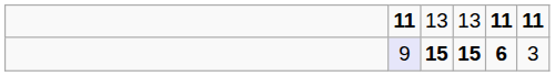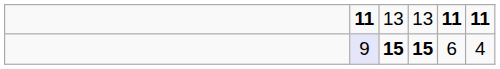 <table class="wikitable">
 <tr>
 <td style="width:18em"><strong></strong></td>
 <td align=center style="width:1em"><strong>11</strong></td>
 <td align=center style="width:1em">13</td>
 <td align=center style="width:1em">13</td>
 <td align=center style="width:1em"><strong>11</strong></td>
 <td align=center style="width:1em"><strong>11</strong></td>
 </tr>
 <tr>
 <td style="width:18em"></td>
 <td align=center style="background: lavender; width:1em">9</td>
 <td align=center style="width:1em"><strong>15</strong></td>
 <td align=center style="width:1em"><strong>15</strong></td>
-<td align=center style="width:1em"><strong>6</strong></td>
-<td align=center style="width:1em">3</td>
+<td align=center style="width:1em">6</td>
+<td align=center style="width:1em">4</td>
 </tr>
 </table>
